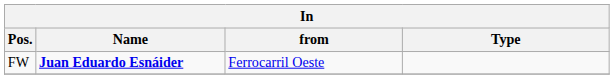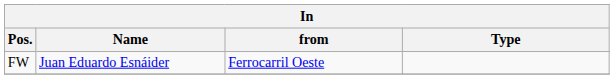 <table class="wikitable" style="font-size:90%;width:99%;">
 <tr>
 <th colspan="4">In</th>
 </tr>
 <tr>
 <th width=3%>Pos.</th>
 <th width=32%>Name</th>
 <th width=30%>from</th>
 <th width=35%>Type</th>
 </tr>
 <tr>
 <td>FW</td>
-<td><strong><a href='#'>Juan Eduardo Esnáider</a></strong></td>
+<td><a href='#'>Juan Eduardo Esnáider</a></td>
 <td><a href='#'>Ferrocarril Oeste</a></td>
 <td></td>
 </tr>
 <tr>
 </tr>
 </table>
